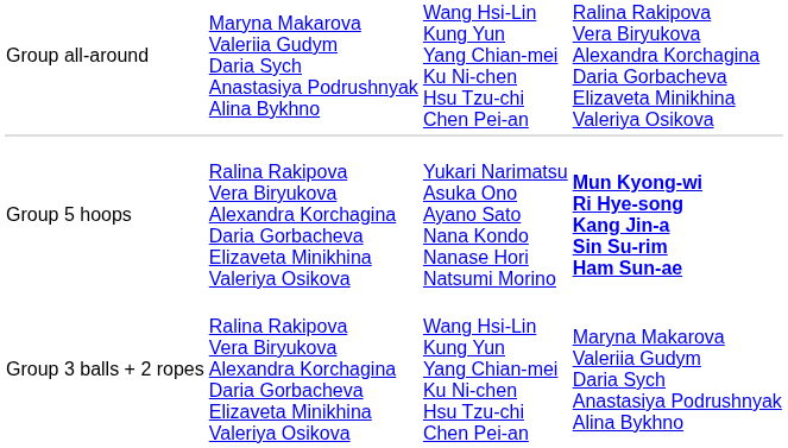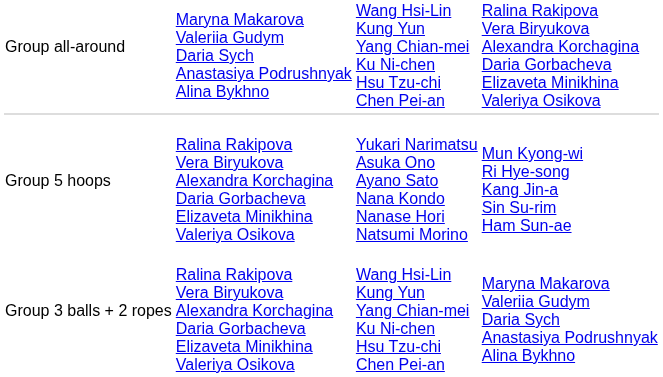 <table>
 <tr>
 <td>Group all-around<br></td>
 <td><br><a href='#'>Maryna Makarova</a><br><a href='#'>Valeriia Gudym</a><br><a href='#'>Daria Sych</a><br><a href='#'>Anastasiya Podrushnyak</a><br><a href='#'>Alina Bykhno</a></td>
 <td><br><a href='#'>Wang Hsi-Lin</a><br><a href='#'>Kung Yun</a><br><a href='#'>Yang Chian-mei</a><br><a href='#'>Ku Ni-chen</a><br><a href='#'>Hsu Tzu-chi</a><br><a href='#'>Chen Pei-an</a></td>
 <td><br><a href='#'>Ralina Rakipova</a><br><a href='#'>Vera Biryukova</a><br><a href='#'>Alexandra Korchagina</a><br><a href='#'>Daria Gorbacheva</a><br><a href='#'>Elizaveta Minikhina</a><br><a href='#'>Valeriya Osikova</a></td>
 </tr>
 <tr bgcolor=#DDDDDD>
 <td colspan=7></td>
 </tr>
 <tr>
 <td>Group 5 hoops<br></td>
 <td><br><a href='#'>Ralina Rakipova</a><br><a href='#'>Vera Biryukova</a><br><a href='#'>Alexandra Korchagina</a><br><a href='#'>Daria Gorbacheva</a><br><a href='#'>Elizaveta Minikhina</a><br><a href='#'>Valeriya Osikova</a></td>
 <td><br><a href='#'>Yukari Narimatsu</a><br><a href='#'>Asuka Ono</a><br><a href='#'>Ayano Sato</a><br><a href='#'>Nana Kondo</a><br><a href='#'>Nanase Hori</a><br><a href='#'>Natsumi Morino</a></td>
-<td><strong><br><a href='#'>Mun Kyong-wi</a><br><a href='#'>Ri Hye-song</a><br><a href='#'>Kang Jin-a</a><br><a href='#'>Sin Su-rim</a><br><a href='#'>Ham Sun-ae</a></strong></td>
+<td><br><a href='#'>Mun Kyong-wi</a><br><a href='#'>Ri Hye-song</a><br><a href='#'>Kang Jin-a</a><br><a href='#'>Sin Su-rim</a><br><a href='#'>Ham Sun-ae</a></td>
 </tr>
 <tr>
 <td>Group 3 balls + 2 ropes <br></td>
 <td><br><a href='#'>Ralina Rakipova</a><br><a href='#'>Vera Biryukova</a><br><a href='#'>Alexandra Korchagina</a><br><a href='#'>Daria Gorbacheva</a><br><a href='#'>Elizaveta Minikhina</a><br><a href='#'>Valeriya Osikova</a></td>
 <td><br><a href='#'>Wang Hsi-Lin</a><br><a href='#'>Kung Yun</a><br><a href='#'>Yang Chian-mei</a><br><a href='#'>Ku Ni-chen</a><br><a href='#'>Hsu Tzu-chi</a><br><a href='#'>Chen Pei-an</a></td>
 <td><br><a href='#'>Maryna Makarova</a><br><a href='#'>Valeriia Gudym</a><br><a href='#'>Daria Sych</a><br><a href='#'>Anastasiya Podrushnyak</a><br><a href='#'>Alina Bykhno</a></td>
 </tr>
 </table>
